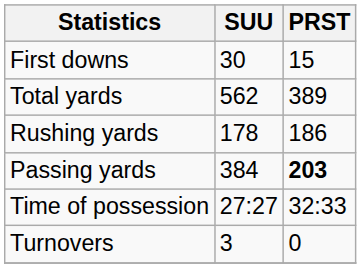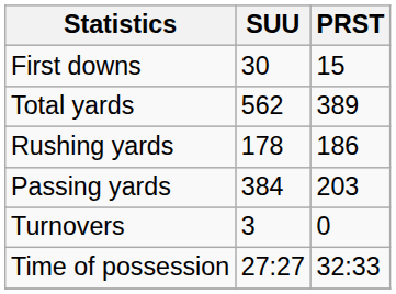 <table class="wikitable" style="float: left;">
 <tr>
 <th>Statistics</th>
 <th>SUU</th>
 <th>PRST</th>
 </tr>
 <tr>
 <td>First downs</td>
 <td>30</td>
 <td>15</td>
 </tr>
 <tr>
 <td>Total yards</td>
 <td>562</td>
 <td>389</td>
 </tr>
 <tr>
 <td>Rushing yards</td>
 <td>178</td>
 <td>186</td>
 </tr>
 <tr>
 <td>Passing yards</td>
 <td>384</td>
-<td><strong>203</strong></td>
+<td>203</td>
+</tr>
+<tr>
+<td>Turnovers</td>
+<td>3</td>
+<td>0</td>
 </tr>
 <tr>
 <td>Time of possession</td>
 <td>27:27</td>
 <td>32:33</td>
 </tr>
 <tr>
-<td>Turnovers</td>
-<td>3</td>
-<td>0</td>
-</tr>
-<tr>
 </tr>
 </table>
